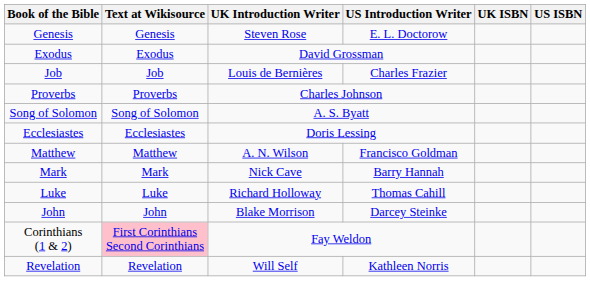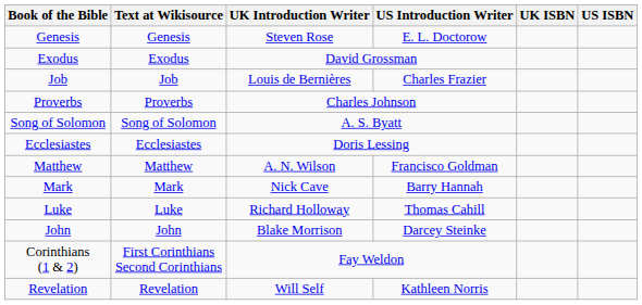 <table class="wikitable">
 <tr>
 <th>Book of the Bible</th>
 <th>Text at Wikisource</th>
 <th>UK Introduction Writer</th>
 <th>US Introduction Writer</th>
 <th>UK ISBN</th>
 <th>US ISBN</th>
 </tr>
 <tr>
 <td align="center"><a href='#'>Genesis</a></td>
 <td align="center"><a href='#'>Genesis</a></td>
 <td align="center"><a href='#'>Steven Rose</a></td>
 <td align="center"><a href='#'>E. L. Doctorow</a></td>
 <td align="center"></td>
 <td align="center"></td>
 </tr>
 <tr>
 <td align="center"><a href='#'>Exodus</a></td>
 <td align="center"><a href='#'>Exodus</a></td>
 <td align="center" colspan="2"><a href='#'>David Grossman</a></td>
 <td align="center"></td>
 <td align="center"></td>
 </tr>
 <tr>
 <td align="center"><a href='#'>Job</a></td>
 <td align="center"><a href='#'>Job</a></td>
 <td align="center"><a href='#'>Louis de Bernières</a></td>
 <td align="center"><a href='#'>Charles Frazier</a></td>
 <td align="center"></td>
 <td align="center"></td>
 </tr>
 <tr>
 <td align="center"><a href='#'>Proverbs</a></td>
 <td align="center"><a href='#'>Proverbs</a></td>
 <td align="center" colspan="2"><a href='#'>Charles Johnson</a></td>
 <td align="center"></td>
 <td align="center"></td>
 </tr>
 <tr>
 <td align="center"><a href='#'>Song of Solomon</a></td>
 <td align="center"><a href='#'>Song of Solomon</a></td>
 <td align="center" colspan="2"><a href='#'>A. S. Byatt</a></td>
 <td align="center"></td>
 <td align="center"></td>
 </tr>
 <tr>
 <td align="center"><a href='#'>Ecclesiastes</a></td>
 <td align="center"><a href='#'>Ecclesiastes</a></td>
 <td align="center" colspan="2"><a href='#'>Doris Lessing</a></td>
 <td align="center"></td>
 <td align="center"></td>
 </tr>
 <tr>
 <td align="center"><a href='#'>Matthew</a></td>
 <td align="center"><a href='#'>Matthew</a></td>
 <td align="center"><a href='#'>A. N. Wilson</a></td>
 <td align="center"><a href='#'>Francisco Goldman</a></td>
 <td align="center"></td>
 <td align="center"></td>
 </tr>
 <tr>
 <td align="center"><a href='#'>Mark</a></td>
 <td align="center"><a href='#'>Mark</a></td>
 <td align="center"><a href='#'>Nick Cave</a></td>
 <td align="center"><a href='#'>Barry Hannah</a></td>
 <td align="center"></td>
 <td align="center"></td>
 </tr>
 <tr>
 <td align="center"><a href='#'>Luke</a></td>
 <td align="center"><a href='#'>Luke</a></td>
 <td align="center"><a href='#'>Richard Holloway</a></td>
 <td align="center"><a href='#'>Thomas Cahill</a></td>
 <td align="center"></td>
 <td align="center"></td>
 </tr>
 <tr>
 <td align="center"><a href='#'>John</a></td>
 <td align="center"><a href='#'>John</a></td>
 <td align="center"><a href='#'>Blake Morrison</a></td>
 <td align="center"><a href='#'>Darcey Steinke</a></td>
 <td align="center"></td>
 <td align="center"></td>
 </tr>
 <tr>
 <td align="center">Corinthians<br> (<a href='#'>1</a> & <a href='#'>2</a>)</td>
-<td align="center" style="background: pink;"><a href='#'>First Corinthians</a> <br> <a href='#'>Second Corinthians</a></td>
+<td align="center"><a href='#'>First Corinthians</a> <br> <a href='#'>Second Corinthians</a></td>
 <td align="center" colspan="2"><a href='#'>Fay Weldon</a></td>
 <td align="center"></td>
 <td align="center"></td>
 </tr>
 <tr>
 <td align="center"><a href='#'>Revelation</a></td>
 <td align="center"><a href='#'>Revelation</a></td>
 <td align="center"><a href='#'>Will Self</a></td>
 <td align="center"><a href='#'>Kathleen Norris</a></td>
 <td align="center"></td>
 <td align="center"></td>
 </tr>
 </table>
